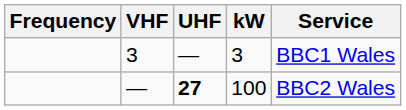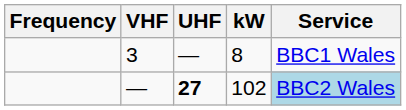 <table class="wikitable sortable">
 <tr>
 <th>Frequency</th>
 <th>VHF</th>
 <th>UHF</th>
 <th>kW</th>
 <th>Service</th>
 </tr>
 <tr>
 <td></td>
 <td>3</td>
 <td>—</td>
-<td>3</td>
+<td>8</td>
 <td><a href='#'>BBC1 Wales</a></td>
 </tr>
 <tr>
 <td></td>
 <td>—</td>
 <td><strong>27</strong></td>
-<td>100</td>
-<td><a href='#'>BBC2 Wales</a></td>
+<td>102</td>
+<td style="background: lightblue;"><a href='#'>BBC2 Wales</a></td>
 </tr>
 </table>
